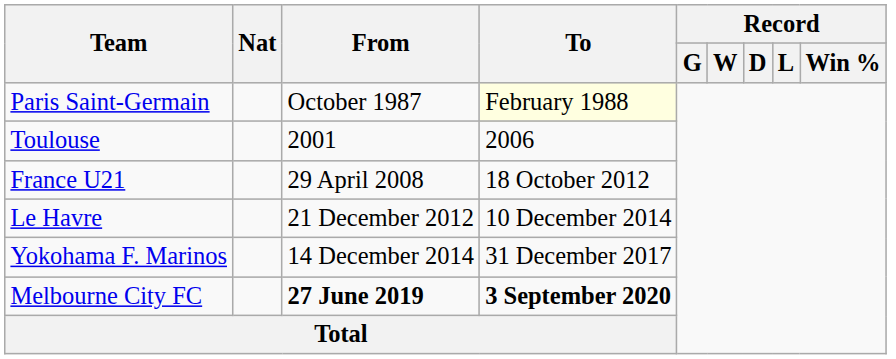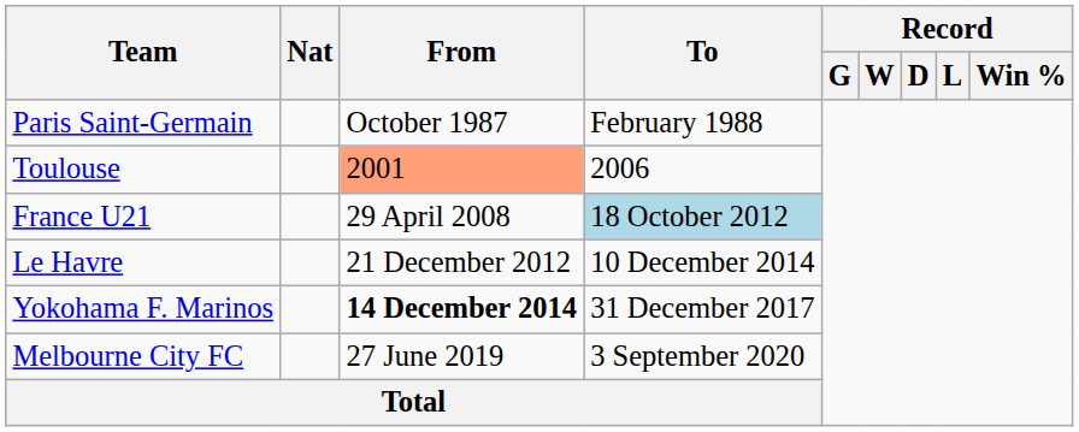 <table class="wikitable" style="text-align: center">
 <tr>
 <th rowspan="2">Team</th>
 <th rowspan="2">Nat</th>
 <th rowspan="2">From</th>
 <th rowspan="2">To</th>
 <th colspan="5">Record</th>
 </tr>
 <tr>
 <th>G</th>
 <th>W</th>
 <th>D</th>
 <th>L</th>
 <th>Win %</th>
 </tr>
 <tr>
 <td align=left><a href='#'>Paris Saint-Germain</a></td>
 <td></td>
 <td align=left>October 1987</td>
-<td align=left style="background: lightyellow;">February 1988<br></td>
+<td align=left>February 1988<br></td>
 </tr>
 <tr>
 <td align=left><a href='#'>Toulouse</a></td>
 <td></td>
-<td align=left>2001</td>
+<td align=left style="background: lightsalmon;">2001</td>
 <td align=left>2006<br></td>
 </tr>
 <tr>
 <td align=left><a href='#'>France U21</a></td>
 <td></td>
 <td align=left>29 April 2008</td>
-<td align=left>18 October 2012<br></td>
+<td align=left style="background: lightblue;">18 October 2012<br></td>
 </tr>
 <tr>
 <td align=left><a href='#'>Le Havre</a></td>
 <td></td>
 <td align=left>21 December 2012</td>
 <td align=left>10 December 2014<br></td>
 </tr>
 <tr>
 <td align=left><a href='#'>Yokohama F. Marinos</a></td>
 <td></td>
-<td align=left>14 December 2014</td>
+<td align=left><strong>14 December 2014</strong></td>
 <td align=left>31 December 2017<br></td>
 </tr>
 <tr>
 <td align=left><a href='#'>Melbourne City FC</a></td>
 <td></td>
-<td align=left><strong>27 June 2019</strong></td>
-<td align=left><strong>3 September 2020<br></strong></td>
+<td align=left>27 June 2019</td>
+<td align=left>3 September 2020<br></td>
 </tr>
 <tr>
 <th colspan="4">Total<br></th>
 </tr>
 </table>
